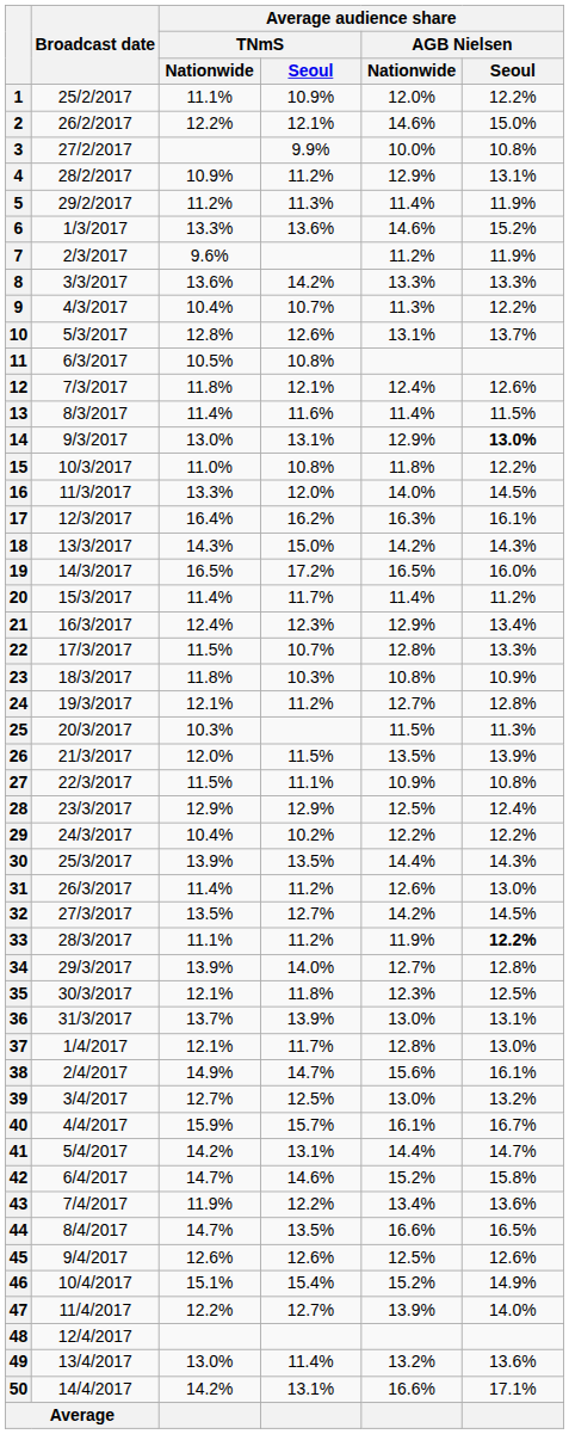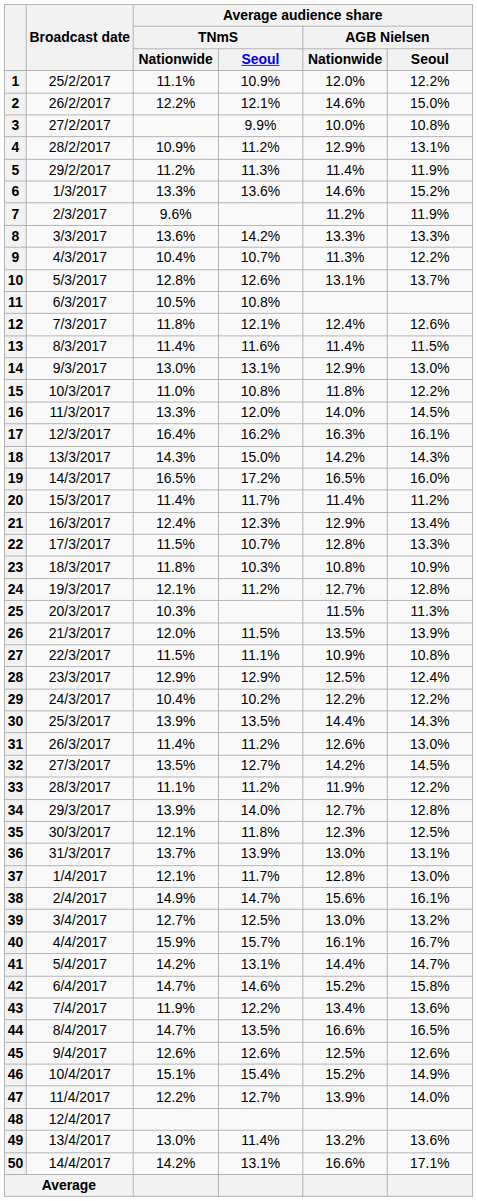 <table class="wikitable" style="text-align:center">
 <tr>
 <th rowspan="3"></th>
 <th rowspan="3">Broadcast date</th>
 <th colspan="4">Average audience share</th>
 </tr>
 <tr>
 <th colspan="2">TNmS</th>
 <th colspan="2">AGB Nielsen</th>
 </tr>
 <tr>
 <th width=90>Nationwide</th>
 <th width=90><a href='#'>Seoul</a></th>
 <th width=90>Nationwide</th>
 <th width=90>Seoul</th>
 </tr>
 <tr>
 <th>1</th>
 <td>25/2/2017</td>
 <td>11.1% </td>
 <td>10.9% </td>
 <td>12.0% </td>
 <td>12.2% </td>
 </tr>
 <tr>
 <th>2</th>
 <td>26/2/2017</td>
 <td>12.2% </td>
 <td>12.1% </td>
 <td>14.6% </td>
 <td>15.0% </td>
 </tr>
 <tr>
 <th>3</th>
 <td>27/2/2017</td>
 <td> </td>
 <td>9.9% </td>
 <td>10.0% </td>
 <td>10.8% </td>
 </tr>
 <tr>
 <th>4</th>
 <td>28/2/2017</td>
 <td>10.9% </td>
 <td>11.2% </td>
 <td>12.9% </td>
 <td>13.1% </td>
 </tr>
 <tr>
 <th>5</th>
 <td>29/2/2017</td>
 <td>11.2% </td>
 <td>11.3% </td>
 <td>11.4% </td>
 <td>11.9% </td>
 </tr>
 <tr>
 <th>6</th>
 <td>1/3/2017</td>
 <td>13.3% </td>
 <td>13.6% </td>
 <td>14.6% </td>
 <td>15.2% </td>
 </tr>
 <tr>
 <th>7</th>
 <td>2/3/2017</td>
 <td>9.6% </td>
 <td> </td>
 <td>11.2% </td>
 <td>11.9% </td>
 </tr>
 <tr>
 <th>8</th>
 <td>3/3/2017</td>
 <td>13.6% </td>
 <td>14.2% </td>
 <td>13.3% </td>
 <td>13.3% </td>
 </tr>
 <tr>
 <th>9</th>
 <td>4/3/2017</td>
 <td>10.4% </td>
 <td>10.7% </td>
 <td>11.3% </td>
 <td>12.2% </td>
 </tr>
 <tr>
 <th>10</th>
 <td>5/3/2017</td>
 <td>12.8% </td>
 <td>12.6% </td>
 <td>13.1% </td>
 <td>13.7% </td>
 </tr>
 <tr>
 <th>11</th>
 <td>6/3/2017</td>
 <td>10.5% </td>
 <td>10.8% </td>
 <td> </td>
 <td> </td>
 </tr>
 <tr>
 <th>12</th>
 <td>7/3/2017</td>
 <td>11.8% </td>
 <td>12.1% </td>
 <td>12.4% </td>
 <td>12.6% </td>
 </tr>
 <tr>
 <th>13</th>
 <td>8/3/2017</td>
 <td>11.4% </td>
 <td>11.6% </td>
 <td>11.4% </td>
 <td>11.5% </td>
 </tr>
 <tr>
 <th>14</th>
 <td>9/3/2017</td>
 <td>13.0% </td>
 <td>13.1% </td>
 <td>12.9% </td>
-<td><strong>13.0% </strong></td>
+<td>13.0% </td>
 </tr>
 <tr>
 <th>15</th>
 <td>10/3/2017</td>
 <td>11.0% </td>
 <td>10.8% </td>
 <td>11.8% </td>
 <td>12.2% </td>
 </tr>
 <tr>
 <th>16</th>
 <td>11/3/2017</td>
 <td>13.3% </td>
 <td>12.0% </td>
 <td>14.0% </td>
 <td>14.5% </td>
 </tr>
 <tr>
 <th>17</th>
 <td>12/3/2017</td>
 <td>16.4% </td>
 <td>16.2% </td>
 <td>16.3% </td>
 <td>16.1% </td>
 </tr>
 <tr>
 <th>18</th>
 <td>13/3/2017</td>
 <td>14.3% </td>
 <td>15.0% </td>
 <td>14.2% </td>
 <td>14.3% </td>
 </tr>
 <tr>
 <th>19</th>
 <td>14/3/2017</td>
 <td>16.5% </td>
 <td>17.2% </td>
 <td>16.5% </td>
 <td>16.0% </td>
 </tr>
 <tr>
 <th>20</th>
 <td>15/3/2017</td>
 <td>11.4% </td>
 <td>11.7% </td>
 <td>11.4% </td>
 <td>11.2% </td>
 </tr>
 <tr>
 <th>21</th>
 <td>16/3/2017</td>
 <td>12.4% </td>
 <td>12.3% </td>
 <td>12.9% </td>
 <td>13.4% </td>
 </tr>
 <tr>
 <th>22</th>
 <td>17/3/2017</td>
 <td>11.5% </td>
 <td>10.7% </td>
 <td>12.8% </td>
 <td>13.3% </td>
 </tr>
 <tr>
 <th>23</th>
 <td>18/3/2017</td>
 <td>11.8% </td>
 <td>10.3% </td>
 <td>10.8% </td>
 <td>10.9% </td>
 </tr>
 <tr>
 <th>24</th>
 <td>19/3/2017</td>
 <td>12.1% </td>
 <td>11.2% </td>
 <td>12.7% </td>
 <td>12.8% </td>
 </tr>
 <tr>
 <th>25</th>
 <td>20/3/2017</td>
 <td>10.3% </td>
 <td> </td>
 <td>11.5% </td>
 <td>11.3% </td>
 </tr>
 <tr>
 <th>26</th>
 <td>21/3/2017</td>
 <td>12.0% </td>
 <td>11.5% </td>
 <td>13.5% </td>
 <td>13.9% </td>
 </tr>
 <tr>
 <th>27</th>
 <td>22/3/2017</td>
 <td>11.5% </td>
 <td>11.1% </td>
 <td>10.9% </td>
 <td>10.8% </td>
 </tr>
 <tr>
 <th>28</th>
 <td>23/3/2017</td>
 <td>12.9% </td>
 <td>12.9% </td>
 <td>12.5% </td>
 <td>12.4% </td>
 </tr>
 <tr>
 <th>29</th>
 <td>24/3/2017</td>
 <td>10.4% </td>
 <td>10.2% </td>
 <td>12.2% </td>
 <td>12.2% </td>
 </tr>
 <tr>
 <th>30</th>
 <td>25/3/2017</td>
 <td>13.9% </td>
 <td>13.5% </td>
 <td>14.4% </td>
 <td>14.3% </td>
 </tr>
 <tr>
 <th>31</th>
 <td>26/3/2017</td>
 <td>11.4% </td>
 <td>11.2% </td>
 <td>12.6% </td>
 <td>13.0% </td>
 </tr>
 <tr>
 <th>32</th>
 <td>27/3/2017</td>
 <td>13.5% </td>
 <td>12.7% </td>
 <td>14.2% </td>
 <td>14.5% </td>
 </tr>
 <tr>
 <th>33</th>
 <td>28/3/2017</td>
 <td>11.1% </td>
 <td>11.2% </td>
 <td>11.9% </td>
-<td><strong>12.2% </strong></td>
+<td>12.2% </td>
 </tr>
 <tr>
 <th>34</th>
 <td>29/3/2017</td>
 <td>13.9% </td>
 <td>14.0% </td>
 <td>12.7% </td>
 <td>12.8% </td>
 </tr>
 <tr>
 <th>35</th>
 <td>30/3/2017</td>
 <td>12.1% </td>
 <td>11.8% </td>
 <td>12.3% </td>
 <td>12.5% </td>
 </tr>
 <tr>
 <th>36</th>
 <td>31/3/2017</td>
 <td>13.7% </td>
 <td>13.9% </td>
 <td>13.0% </td>
 <td>13.1% </td>
 </tr>
 <tr>
 <th>37</th>
 <td>1/4/2017</td>
 <td>12.1% </td>
 <td>11.7% </td>
 <td>12.8% </td>
 <td>13.0% </td>
 </tr>
 <tr>
 <th>38</th>
 <td>2/4/2017</td>
 <td>14.9% </td>
 <td>14.7% </td>
 <td>15.6% </td>
 <td>16.1% </td>
 </tr>
 <tr>
 <th>39</th>
 <td>3/4/2017</td>
 <td>12.7% </td>
 <td>12.5% </td>
 <td>13.0% </td>
 <td>13.2% </td>
 </tr>
 <tr>
 <th>40</th>
 <td>4/4/2017</td>
 <td>15.9% </td>
 <td>15.7% </td>
 <td>16.1% </td>
 <td>16.7% </td>
 </tr>
 <tr>
 <th>41</th>
 <td>5/4/2017</td>
 <td>14.2% </td>
 <td>13.1% </td>
 <td>14.4% </td>
 <td>14.7% </td>
 </tr>
 <tr>
 <th>42</th>
 <td>6/4/2017</td>
 <td>14.7% </td>
 <td>14.6% </td>
 <td>15.2% </td>
 <td>15.8% </td>
 </tr>
 <tr>
 <th>43</th>
 <td>7/4/2017</td>
 <td>11.9% </td>
 <td>12.2% </td>
 <td>13.4% </td>
 <td>13.6% </td>
 </tr>
 <tr>
 <th>44</th>
 <td>8/4/2017</td>
 <td>14.7% </td>
 <td>13.5% </td>
 <td>16.6% </td>
 <td>16.5% </td>
 </tr>
 <tr>
 <th>45</th>
 <td>9/4/2017</td>
 <td>12.6% </td>
 <td>12.6% </td>
 <td>12.5% </td>
 <td>12.6% </td>
 </tr>
 <tr>
 <th>46</th>
 <td>10/4/2017</td>
 <td>15.1% </td>
 <td>15.4% </td>
 <td>15.2% </td>
 <td>14.9% </td>
 </tr>
 <tr>
 <th>47</th>
 <td>11/4/2017</td>
 <td>12.2% </td>
 <td>12.7% </td>
 <td>13.9% </td>
 <td>14.0% </td>
 </tr>
 <tr>
 <th>48</th>
 <td>12/4/2017</td>
 <td> </td>
 <td> </td>
 <td> </td>
 <td> </td>
 </tr>
 <tr>
 <th>49</th>
 <td>13/4/2017</td>
 <td>13.0% </td>
 <td>11.4% </td>
 <td>13.2% </td>
 <td>13.6% </td>
 </tr>
 <tr>
 <th>50</th>
 <td>14/4/2017</td>
 <td>14.2% </td>
 <td>13.1% </td>
 <td>16.6% </td>
 <td>17.1% </td>
 </tr>
 <tr>
 <th colspan="2"><strong>Average</strong></th>
 <th></th>
 <th></th>
 <th></th>
 <th></th>
 </tr>
 </table>
